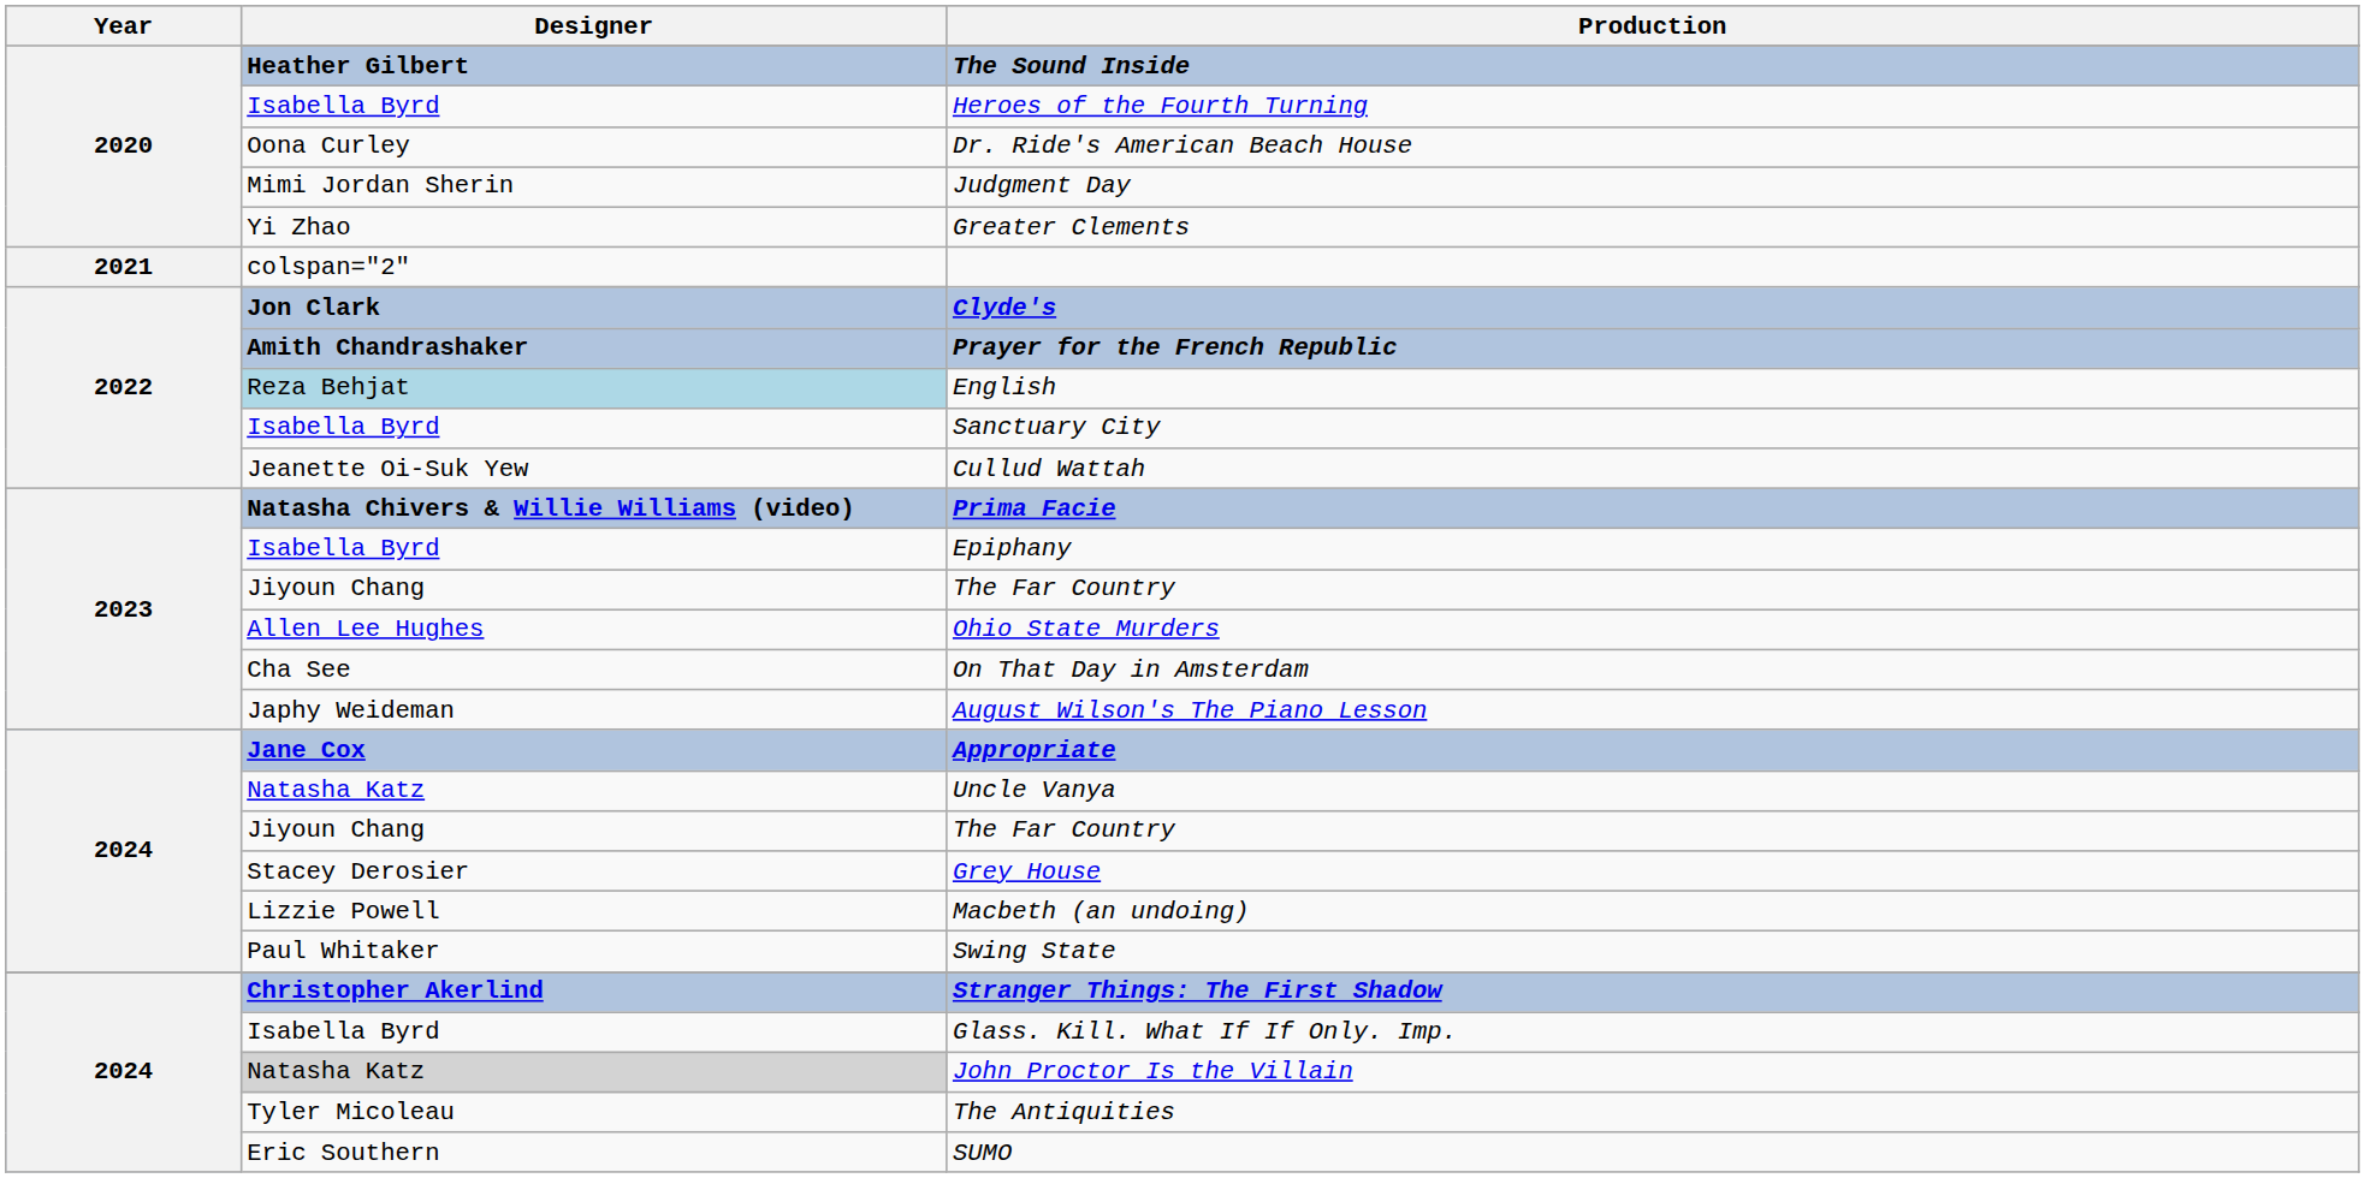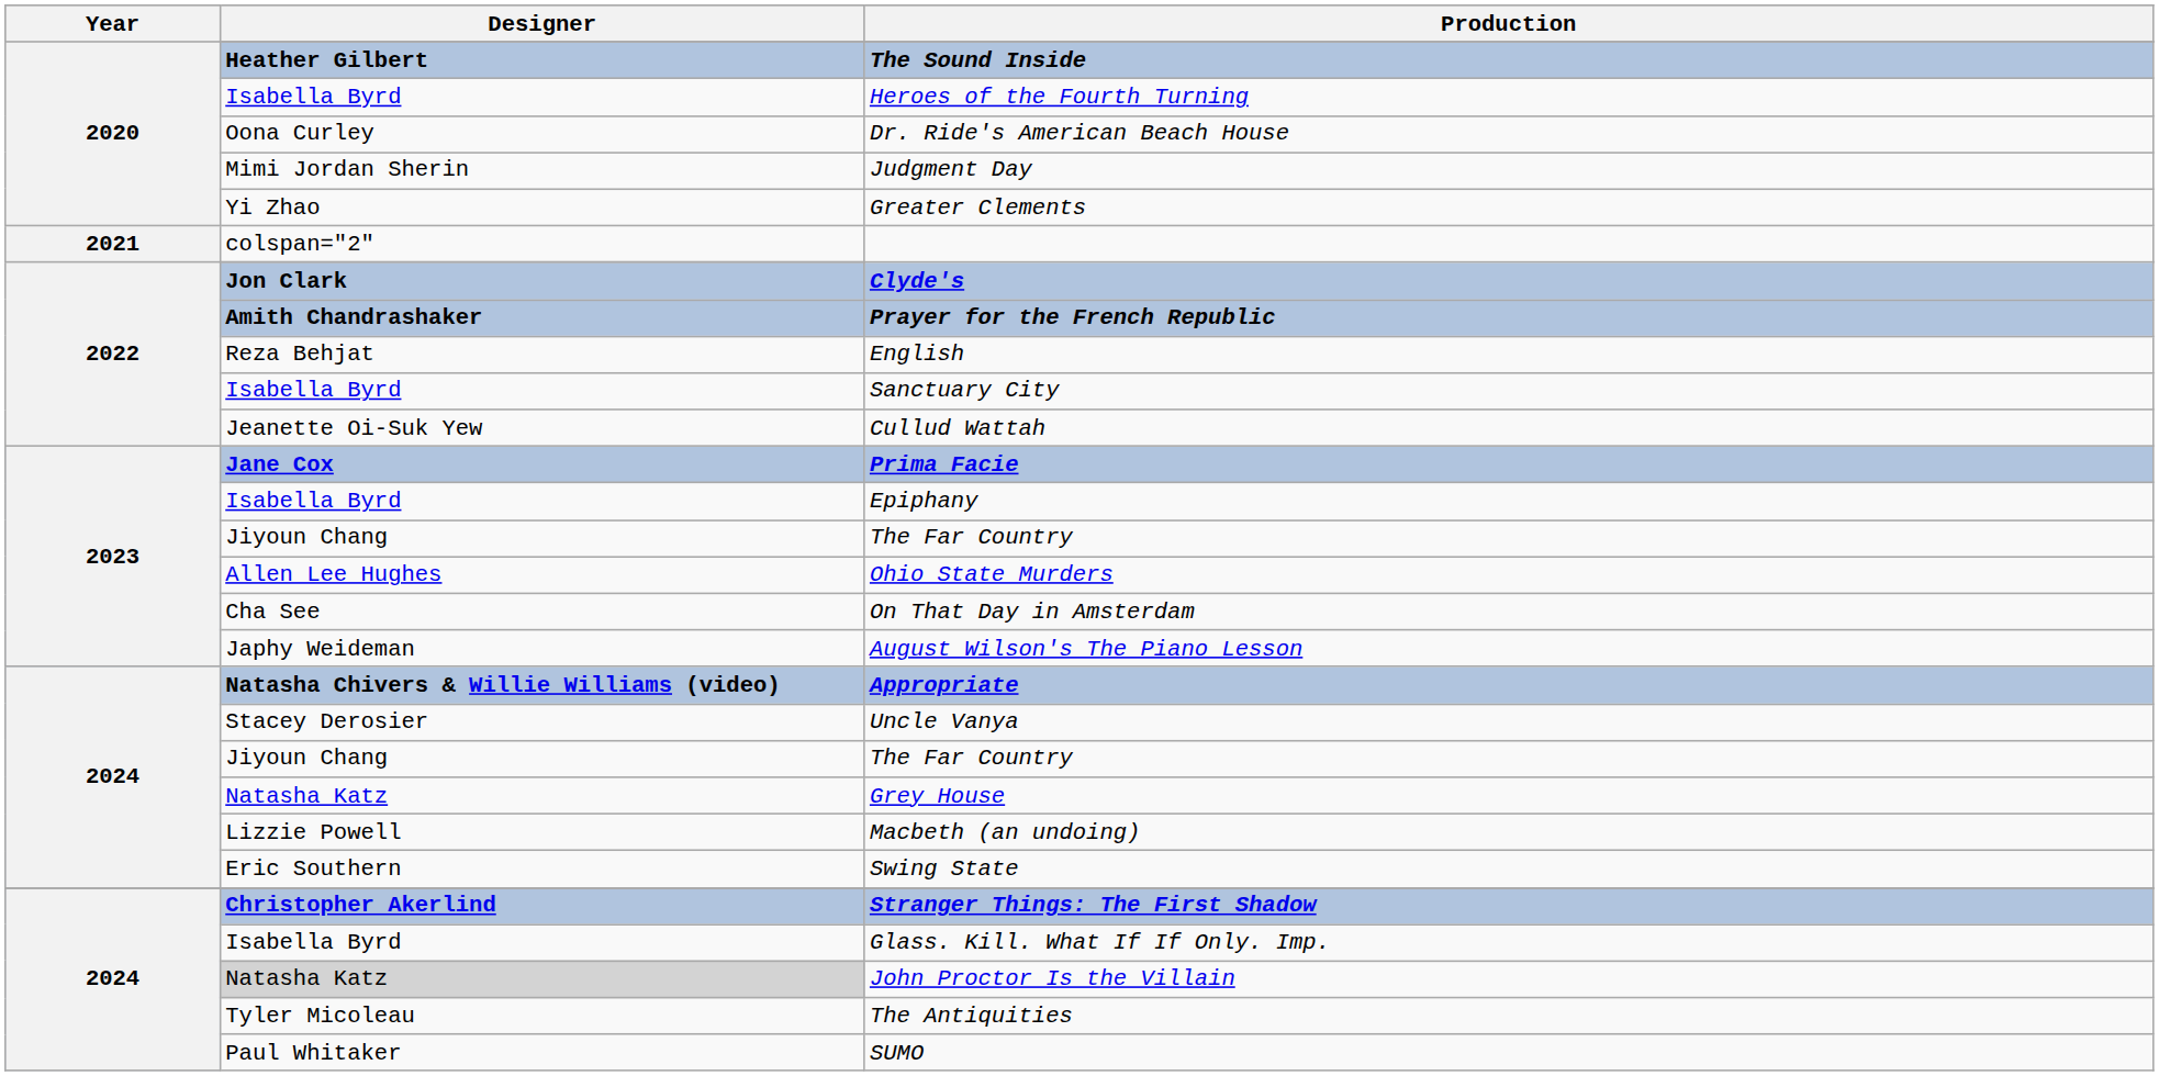 <table class="wikitable" style="width:98%;">
 <tr style="background:#bebebe;">
 <th style="width:10%;">Year</th>
 <th style="width:30%;">Designer</th>
 <th style="width:60%;">Production</th>
 </tr>
 <tr>
 <th rowspan="6">2020</th>
 </tr>
 <tr style="background:#B0C4DE">
 <td><strong>Heather Gilbert</strong></td>
 <td><strong><em>The Sound Inside</em></strong></td>
 </tr>
 <tr>
 <td><a href='#'>Isabella Byrd</a></td>
 <td><em><a href='#'>Heroes of the Fourth Turning</a></em></td>
 </tr>
 <tr>
 <td>Oona Curley</td>
 <td><em>Dr. Ride's American Beach House</em></td>
 </tr>
 <tr>
 <td>Mimi Jordan Sherin</td>
 <td><em>Judgment Day</em></td>
 </tr>
 <tr>
 <td>Yi Zhao</td>
 <td><em>Greater Clements</em></td>
 </tr>
 <tr>
 <th>2021</th>
 <td>colspan="2" </td>
 </tr>
 <tr>
 <th rowspan="6">2022</th>
 </tr>
 <tr style="background:#B0C4DE">
 <td><strong>Jon Clark</strong></td>
 <td><strong><em><a href='#'>Clyde's</a></em></strong></td>
 </tr>
 <tr style="background:#B0C4DE">
 <td><strong>Amith Chandrashaker</strong></td>
 <td><strong><em>Prayer for the French Republic</em></strong></td>
 </tr>
 <tr>
-<td style="background: lightblue;">Reza Behjat</td>
+<td>Reza Behjat</td>
 <td><em>English</em></td>
 </tr>
 <tr>
 <td><a href='#'>Isabella Byrd</a></td>
 <td><em>Sanctuary City</em></td>
 </tr>
 <tr>
 <td>Jeanette Oi-Suk Yew</td>
 <td><em>Cullud Wattah</em></td>
 </tr>
 <tr style="background:#B0C4DE">
 <th rowspan="6">2023</th>
-<td><strong>Natasha Chivers & <a href='#'>Willie Williams</a> (video)</strong></td>
+<td><strong><a href='#'>Jane Cox</a></strong></td>
 <td><strong><em><a href='#'>Prima Facie</a></em></strong></td>
 </tr>
 <tr>
 <td><a href='#'>Isabella Byrd</a></td>
 <td><em>Epiphany</em></td>
 </tr>
 <tr>
 <td>Jiyoun Chang</td>
 <td><em>The Far Country</em></td>
 </tr>
 <tr>
 <td><a href='#'>Allen Lee Hughes</a></td>
 <td><em><a href='#'>Ohio State Murders</a></em></td>
 </tr>
 <tr>
 <td>Cha See</td>
 <td><em>On That Day in Amsterdam</em></td>
 </tr>
 <tr>
 <td>Japhy Weideman</td>
 <td><em><a href='#'>August Wilson's The Piano Lesson</a></em></td>
 </tr>
 <tr style="background:#B0C4DE">
 <th rowspan="6">2024</th>
-<td><strong><a href='#'>Jane Cox</a></strong></td>
+<td><strong>Natasha Chivers & <a href='#'>Willie Williams</a> (video)</strong></td>
 <td><strong><em><a href='#'>Appropriate</a></em></strong></td>
 </tr>
 <tr>
-<td><a href='#'>Natasha Katz</a></td>
+<td>Stacey Derosier</td>
 <td><em>Uncle Vanya</em></td>
 </tr>
 <tr>
 <td>Jiyoun Chang</td>
 <td><em>The Far Country</em></td>
 </tr>
 <tr>
-<td>Stacey Derosier</td>
+<td><a href='#'>Natasha Katz</a></td>
 <td><em><a href='#'>Grey House</a></em></td>
 </tr>
 <tr>
 <td>Lizzie Powell</td>
 <td><em>Macbeth (an undoing)</em></td>
 </tr>
 <tr>
-<td>Paul Whitaker</td>
+<td>Eric Southern</td>
 <td><em>Swing State</em></td>
 </tr>
 <tr>
 </tr>
 <tr style="background:#B0C4DE">
 <th rowspan="5">2024</th>
 <td><strong><a href='#'>Christopher Akerlind</a></strong></td>
 <td><strong><em><a href='#'>Stranger Things: The First Shadow</a></em></strong></td>
 </tr>
 <tr>
 <td>Isabella Byrd</td>
 <td><em>Glass. Kill. What If If Only. Imp.</em></td>
 </tr>
 <tr>
 <td style="background: lightgrey;">Natasha Katz</td>
 <td><a href='#'><em>John Proctor Is the Villain</em></a></td>
 </tr>
 <tr>
 <td>Tyler Micoleau</td>
 <td><em>The Antiquities</em></td>
 </tr>
 <tr>
-<td>Eric Southern</td>
+<td>Paul Whitaker</td>
 <td><em>SUMO</em></td>
 </tr>
 </table>
